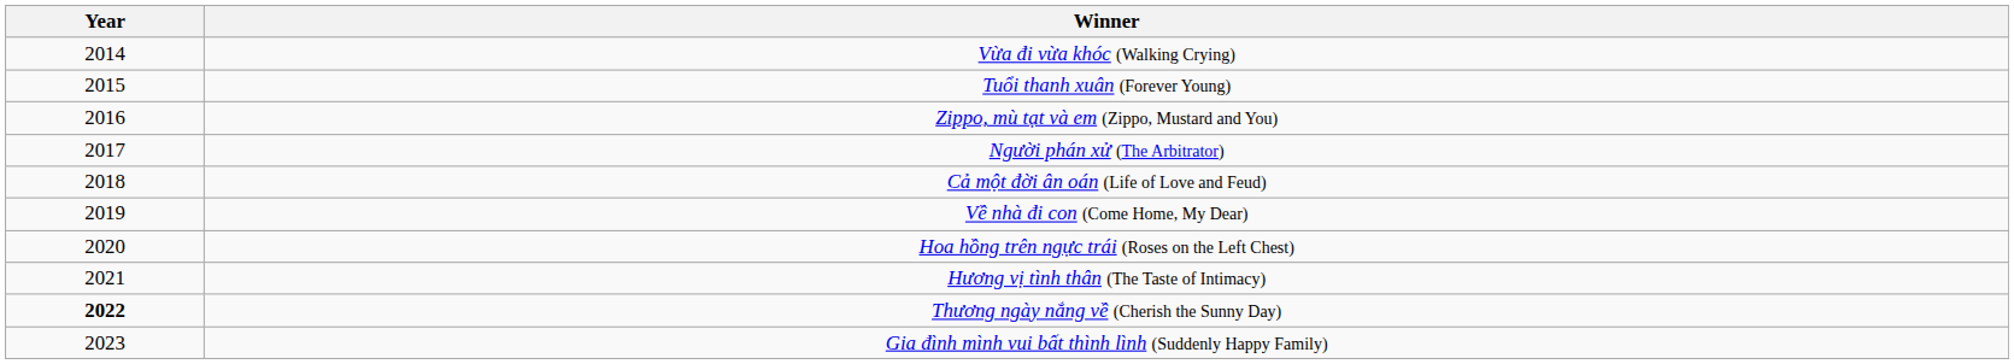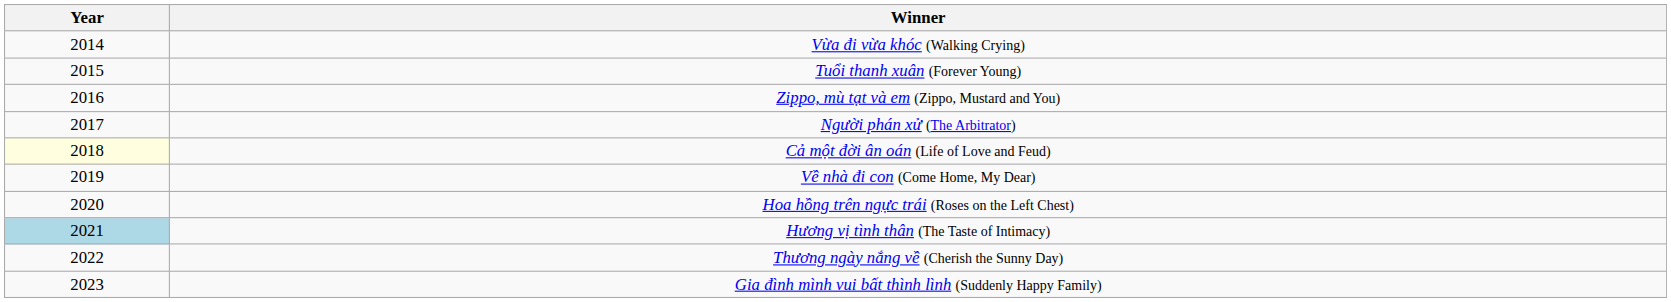 <table class="wikitable" style="text-align: center; width:100%">
 <tr>
 <th>Year</th>
 <th>Winner</th>
 </tr>
 <tr>
 <td>2014 </td>
 <td><em><a href='#'>Vừa đi vừa khóc</a></em> <small>(Walking Crying)</small></td>
 </tr>
 <tr>
 <td>2015 </td>
 <td><em><a href='#'>Tuổi thanh xuân</a></em> <small>(Forever Young)</small></td>
 </tr>
 <tr>
 <td>2016 </td>
 <td><em><a href='#'>Zippo, mù tạt và em</a></em> <small>(Zippo, Mustard and You)</small></td>
 </tr>
 <tr>
 <td>2017 </td>
 <td><em><a href='#'>Người phán xử</a></em> <small>(<a href='#'>The Arbitrator</a>)</small></td>
 </tr>
 <tr>
-<td>2018 </td>
+<td style="background: lightyellow;">2018 </td>
 <td><em><a href='#'>Cả một đời ân oán</a></em> <small>(Life of Love and Feud)</small></td>
 </tr>
 <tr>
 <td>2019 </td>
 <td><em><a href='#'>Về nhà đi con</a></em> <small>(Come Home, My Dear)</small></td>
 </tr>
 <tr>
 <td>2020 </td>
 <td><em><a href='#'>Hoa hồng trên ngực trái</a></em> <small>(Roses on the Left Chest)</small></td>
 </tr>
 <tr>
-<td>2021 </td>
+<td style="background: lightblue;">2021 </td>
 <td><em><a href='#'>Hương vị tình thân</a></em> <small>(The Taste of Intimacy)</small></td>
 </tr>
 <tr>
-<td><strong>2022 </strong></td>
+<td>2022 </td>
 <td><em><a href='#'>Thương ngày nắng về</a></em> <small>(Cherish the Sunny Day)</small></td>
 </tr>
 <tr>
 <td>2023 </td>
 <td><em><a href='#'>Gia đình mình vui bất thình lình</a></em> <small>(Suddenly Happy Family)</small></td>
 </tr>
 </table>
